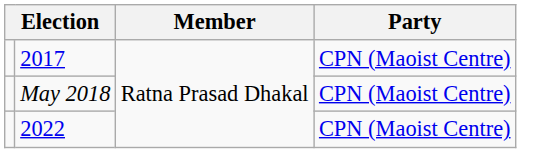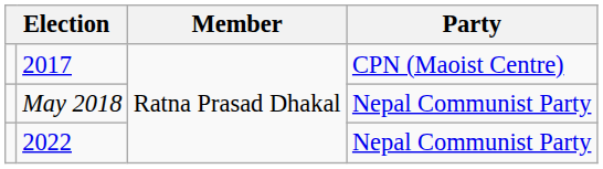 <table class="wikitable">
 <tr>
 <th colspan="2">Election</th>
 <th>Member</th>
 <th>Party</th>
 </tr>
 <tr>
 <td style="background-color:"></td>
 <td><a href='#'>2017</a></td>
 <td rowspan="3">Ratna Prasad Dhakal</td>
 <td><a href='#'>CPN (Maoist Centre)</a></td>
 </tr>
 <tr>
 <td style="background-color:"></td>
 <td><em>May 2018</em></td>
-<td><a href='#'>CPN (Maoist Centre)</a></td>
+<td><a href='#'>Nepal Communist Party</a></td>
 </tr>
 <tr>
 <td style="background-color:"></td>
 <td><a href='#'>2022</a></td>
-<td><a href='#'>CPN (Maoist Centre)</a></td>
+<td><a href='#'>Nepal Communist Party</a></td>
 </tr>
 </table>
